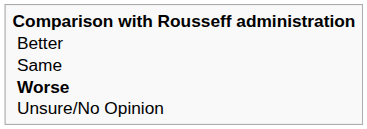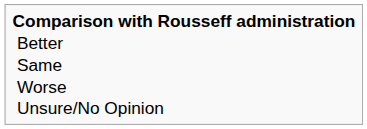 <table style="float; margin-left: 1em; margin-bottom: 0.5em" class="infobox">
 <tr>
 <td style="text-align: center"><span><strong>Comparison with Rousseff administration</strong></span></td>
 </tr>
 <tr>
 <td style="padding: 0 5px;"> Better</td>
 </tr>
 <tr>
 <td style="padding: 0 5px;"> Same</td>
 </tr>
 <tr>
-<td style="padding: 0 5px;"><strong> Worse</strong></td>
+<td style="padding: 0 5px;"> Worse</td>
 </tr>
 <tr>
 <td style="padding: 0 5px;"> Unsure/No Opinion</td>
 </tr>
 </table>
